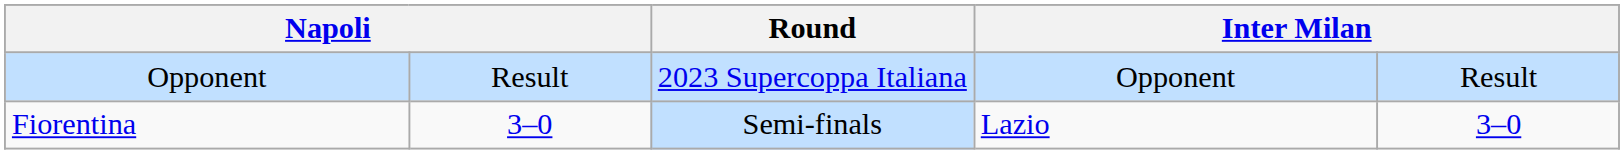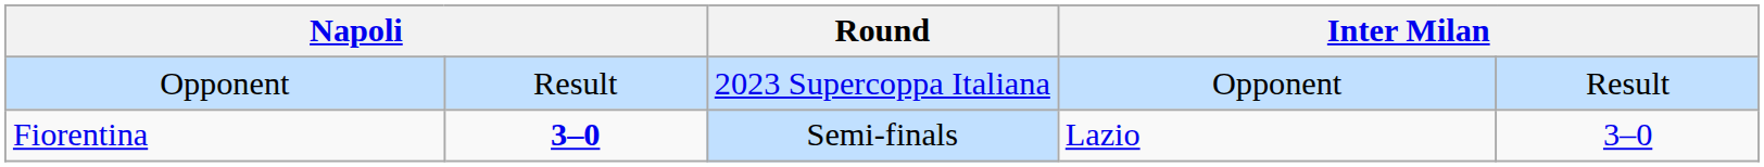 <table class="wikitable" style="text-align:center; white-space:nowrap;">
 <tr>
 <th colspan="2"><a href='#'>Napoli</a></th>
 <th>Round</th>
 <th colspan="2"><a href='#'>Inter Milan</a></th>
 </tr>
 <tr style="background:#C1E0FF;">
 <td style="width:25%;">Opponent</td>
 <td style="width:15%;">Result</td>
 <td><a href='#'>2023 Supercoppa Italiana</a></td>
 <td style="width:25%;">Opponent</td>
 <td style="width:15%;">Result</td>
 </tr>
 <tr>
 <td style="text-align:left;"><a href='#'>Fiorentina</a></td>
-<td><a href='#'>3–0</a></td>
+<td><strong><a href='#'>3–0</a></strong></td>
 <td style="background:#C1E0FF;">Semi-finals</td>
 <td style="text-align:left;"><a href='#'>Lazio</a></td>
 <td><a href='#'>3–0</a></td>
 </tr>
 </table>
